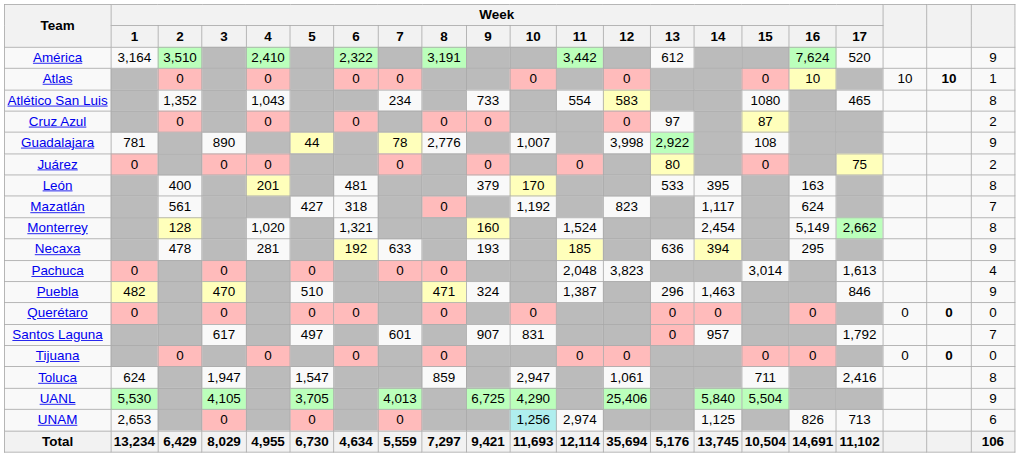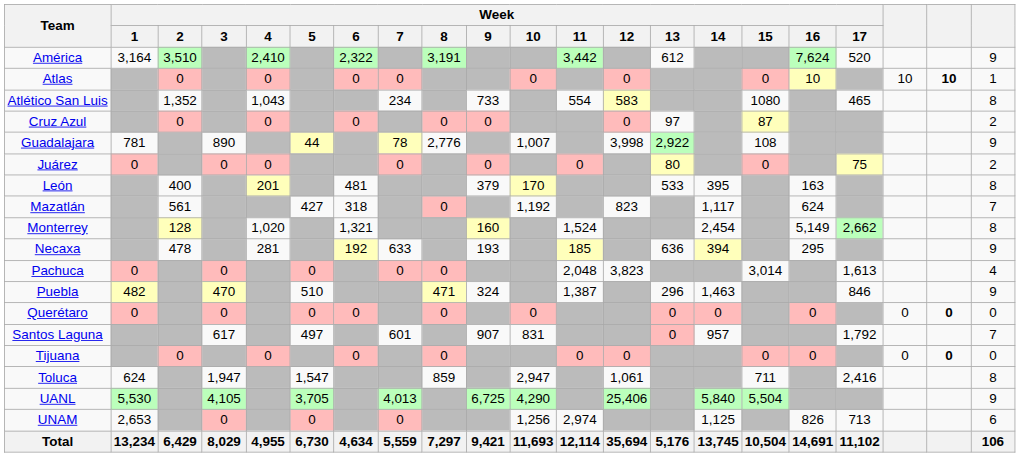 <table class="wikitable" style="text-align:center">
 <tr>
 <th colspan=1 rowspan="2">Team</th>
 <th colspan=17>Week</th>
 <th colspan=1 rowspan="2" width=45></th>
 <th colspan=1 rowspan="2" width=45></th>
 <th colspan=1 rowspan="2" width=45></th>
 </tr>
 <tr>
 <th width=45>1</th>
 <th width=45>2</th>
 <th width=45>3</th>
 <th width=45>4</th>
 <th width=45>5</th>
 <th width=45>6</th>
 <th width=45>7</th>
 <th width=45>8</th>
 <th width=45>9</th>
 <th width=45>10</th>
 <th width=45>11</th>
 <th width=45>12</th>
 <th width=45>13</th>
 <th width=45>14</th>
 <th width=45>15</th>
 <th width=45>16</th>
 <th width=45>17</th>
 </tr>
 <tr>
 <td><a href='#'>América</a></td>
 <td>3,164</td>
 <td bgcolor=#BBFFBB>3,510</td>
 <td bgcolor=#BBBBBB></td>
 <td bgcolor=#BBFFBB>2,410</td>
 <td bgcolor=#BBBBBB></td>
 <td bgcolor=#BBFFBB>2,322</td>
 <td bgcolor=#BBBBBB></td>
 <td bgcolor=#BBFFBB>3,191</td>
 <td bgcolor=#BBBBBB></td>
 <td bgcolor=#BBBBBB></td>
 <td bgcolor=#BBFFBB>3,442</td>
 <td bgcolor=#BBBBBB></td>
 <td>612</td>
 <td bgcolor=#BBBBBB></td>
 <td bgcolor=#BBBBBB></td>
 <td bgcolor=#BBFFBB>7,624</td>
 <td>520</td>
 <td></td>
 <td><strong></strong></td>
 <td>9</td>
 </tr>
 <tr>
 <td><a href='#'>Atlas</a></td>
 <td bgcolor=#BBBBBB></td>
 <td bgcolor=#FFBBBB>0</td>
 <td bgcolor=#BBBBBB></td>
 <td bgcolor=#FFBBBB>0</td>
 <td bgcolor=#BBBBBB></td>
 <td bgcolor=#FFBBBB>0</td>
 <td bgcolor=#FFBBBB>0</td>
 <td bgcolor=#BBBBBB></td>
 <td bgcolor=#BBBBBB></td>
 <td bgcolor=#FFBBBB>0</td>
 <td bgcolor=#BBBBBB></td>
 <td bgcolor=#FFBBBB>0</td>
 <td bgcolor=#BBBBBB></td>
 <td bgcolor=#BBBBBB></td>
 <td bgcolor=#FFBBBB>0</td>
 <td bgcolor=#FFFFBB>10</td>
 <td bgcolor=#BBBBBB></td>
 <td>10</td>
 <td><strong>10</strong></td>
 <td>1</td>
 </tr>
 <tr>
 <td><a href='#'>Atlético San Luis</a></td>
 <td bgcolor=#BBBBBB></td>
 <td>1,352</td>
 <td bgcolor=#BBBBBB></td>
 <td>1,043</td>
 <td bgcolor=#BBBBBB></td>
 <td bgcolor=#BBBBBB></td>
 <td>234</td>
 <td bgcolor=#BBBBBB></td>
 <td>733</td>
 <td bgcolor=#BBBBBB></td>
 <td>554</td>
 <td bgcolor=#FFFFBB>583</td>
 <td bgcolor=#BBBBBB></td>
 <td bgcolor=#BBBBBB></td>
 <td>1080</td>
 <td bgcolor=#BBBBBB></td>
 <td>465</td>
 <td></td>
 <td><strong></strong></td>
 <td>8</td>
 </tr>
 <tr>
 <td><a href='#'>Cruz Azul</a></td>
 <td bgcolor=#BBBBBB></td>
 <td bgcolor=#FFBBBB>0</td>
 <td bgcolor=#BBBBBB></td>
 <td bgcolor=#FFBBBB>0</td>
 <td bgcolor=#BBBBBB></td>
 <td bgcolor=#FFBBBB>0</td>
 <td bgcolor=#BBBBBB></td>
 <td bgcolor=#FFBBBB>0</td>
 <td bgcolor=#FFBBBB>0</td>
 <td bgcolor=#BBBBBB></td>
 <td bgcolor=#BBBBBB></td>
 <td bgcolor=#FFBBBB>0</td>
 <td>97</td>
 <td bgcolor=#BBBBBB></td>
 <td bgcolor=#FFFFBB>87</td>
 <td bgcolor=#BBBBBB></td>
 <td bgcolor=#BBBBBB></td>
 <td></td>
 <td><strong></strong></td>
 <td>2</td>
 </tr>
 <tr>
 <td><a href='#'>Guadalajara</a></td>
 <td>781</td>
 <td bgcolor=#BBBBBB></td>
 <td>890</td>
 <td bgcolor=#BBBBBB></td>
 <td bgcolor=#FFFFBB>44</td>
 <td bgcolor=#BBBBBB></td>
 <td bgcolor=#FFFFBB>78</td>
 <td>2,776</td>
 <td bgcolor=#BBBBBB></td>
 <td>1,007</td>
 <td bgcolor=#BBBBBB></td>
 <td>3,998</td>
 <td bgcolor=#BBFFBB>2,922</td>
 <td bgcolor=#BBBBBB></td>
 <td>108</td>
 <td bgcolor=#BBBBBB></td>
 <td bgcolor=#BBBBBB></td>
 <td></td>
 <td><strong></strong></td>
 <td>9</td>
 </tr>
 <tr>
 <td><a href='#'>Juárez</a></td>
 <td bgcolor=#FFBBBB>0</td>
 <td bgcolor=#BBBBBB></td>
 <td bgcolor=#FFBBBB>0</td>
 <td bgcolor=#FFBBBB>0</td>
 <td bgcolor=#BBBBBB></td>
 <td bgcolor=#BBBBBB></td>
 <td bgcolor=#FFBBBB>0</td>
 <td bgcolor=#BBBBBB></td>
 <td bgcolor=#FFBBBB>0</td>
 <td bgcolor=#BBBBBB></td>
 <td bgcolor=#FFBBBB>0</td>
 <td bgcolor=#BBBBBB></td>
 <td bgcolor=#FFFFBB>80</td>
 <td bgcolor=#BBBBBB></td>
 <td bgcolor=#FFBBBB>0</td>
 <td bgcolor=#BBBBBB></td>
 <td bgcolor=#FFFFBB>75</td>
 <td></td>
 <td><strong></strong></td>
 <td>2</td>
 </tr>
 <tr>
 <td><a href='#'>León</a></td>
 <td bgcolor=#BBBBBB></td>
 <td>400</td>
 <td bgcolor=#BBBBBB></td>
 <td bgcolor=#FFFFBB>201</td>
 <td bgcolor=#BBBBBB></td>
 <td>481</td>
 <td bgcolor=#BBBBBB></td>
 <td bgcolor=#BBBBBB></td>
 <td>379</td>
 <td bgcolor=#FFFFBB>170</td>
 <td bgcolor=#BBBBBB></td>
 <td bgcolor=#BBBBBB></td>
 <td>533</td>
 <td>395</td>
 <td bgcolor=#BBBBBB></td>
 <td>163</td>
 <td bgcolor=#BBBBBB></td>
 <td></td>
 <td><strong></strong></td>
 <td>8</td>
 </tr>
 <tr>
 <td><a href='#'>Mazatlán</a></td>
 <td bgcolor=#BBBBBB></td>
 <td>561</td>
 <td bgcolor=#BBBBBB></td>
 <td bgcolor=#BBBBBB></td>
 <td>427</td>
 <td>318</td>
 <td bgcolor=#BBBBBB></td>
 <td bgcolor=#FFBBBB>0</td>
 <td bgcolor=#BBBBBB></td>
 <td>1,192</td>
 <td bgcolor=#BBBBBB></td>
 <td>823</td>
 <td bgcolor=#BBBBBB></td>
 <td>1,117</td>
 <td bgcolor=#BBBBBB></td>
 <td>624</td>
 <td bgcolor=#BBBBBB></td>
 <td></td>
 <td><strong></strong></td>
 <td>7</td>
 </tr>
 <tr>
 <td><a href='#'>Monterrey</a></td>
 <td bgcolor=#BBBBBB></td>
 <td bgcolor=#FFFFBB>128</td>
 <td bgcolor=#BBBBBB></td>
 <td>1,020</td>
 <td bgcolor=#BBBBBB></td>
 <td>1,321</td>
 <td bgcolor=#BBBBBB></td>
 <td bgcolor=#BBBBBB></td>
 <td bgcolor=#FFFFBB>160</td>
 <td bgcolor=#BBBBBB></td>
 <td>1,524</td>
 <td bgcolor=#BBBBBB></td>
 <td bgcolor=#BBBBBB></td>
 <td>2,454</td>
 <td bgcolor=#BBBBBB></td>
 <td>5,149</td>
 <td bgcolor=#BBFFBB>2,662</td>
 <td></td>
 <td><strong></strong></td>
 <td>8</td>
 </tr>
 <tr>
 <td><a href='#'>Necaxa</a></td>
 <td bgcolor=#BBBBBB></td>
 <td>478</td>
 <td bgcolor=#BBBBBB></td>
 <td>281</td>
 <td bgcolor=#BBBBBB></td>
 <td bgcolor=#FFFFBB>192</td>
 <td>633</td>
 <td bgcolor=#BBBBBB></td>
 <td>193</td>
 <td bgcolor=#BBBBBB></td>
 <td bgcolor=#FFFFBB>185</td>
 <td bgcolor=#BBBBBB></td>
 <td>636</td>
 <td bgcolor=#FFFFBB>394</td>
 <td bgcolor=#BBBBBB></td>
 <td>295</td>
 <td bgcolor=#BBBBBB></td>
 <td></td>
 <td><strong></strong></td>
 <td>9</td>
 </tr>
 <tr>
 <td><a href='#'>Pachuca</a></td>
 <td bgcolor=#FFBBBB>0</td>
 <td bgcolor=#BBBBBB></td>
 <td bgcolor=#FFBBBB>0</td>
 <td bgcolor=#BBBBBB></td>
 <td bgcolor=#FFBBBB>0</td>
 <td bgcolor=#BBBBBB></td>
 <td bgcolor=#FFBBBB>0</td>
 <td bgcolor=#FFBBBB>0</td>
 <td bgcolor=#BBBBBB></td>
 <td bgcolor=#BBBBBB></td>
 <td>2,048</td>
 <td>3,823</td>
 <td bgcolor=#BBBBBB></td>
 <td bgcolor=#BBBBBB></td>
 <td>3,014</td>
 <td bgcolor=#BBBBBB></td>
 <td>1,613</td>
 <td></td>
 <td><strong> </strong></td>
 <td>4</td>
 </tr>
 <tr>
 <td><a href='#'>Puebla</a></td>
 <td bgcolor=#FFFFBB>482</td>
 <td bgcolor=#BBBBBB></td>
 <td bgcolor=#FFFFBB>470</td>
 <td bgcolor=#BBBBBB></td>
 <td>510</td>
 <td bgcolor=#BBBBBB></td>
 <td bgcolor=#BBBBBB></td>
 <td bgcolor=#FFFFBB>471</td>
 <td>324</td>
 <td bgcolor=#BBBBBB></td>
 <td>1,387</td>
 <td bgcolor=#BBBBBB></td>
 <td>296</td>
 <td>1,463</td>
 <td bgcolor=#BBBBBB></td>
 <td bgcolor=#BBBBBB></td>
 <td>846</td>
 <td></td>
 <td><strong></strong></td>
 <td>9</td>
 </tr>
 <tr>
 <td><a href='#'>Querétaro</a></td>
 <td bgcolor=#FFBBBB>0</td>
 <td bgcolor=#BBBBBB></td>
 <td bgcolor=#FFBBBB>0</td>
 <td bgcolor=#BBBBBB></td>
 <td bgcolor=#FFBBBB>0</td>
 <td bgcolor=#FFBBBB>0</td>
 <td bgcolor=#BBBBBB></td>
 <td bgcolor=#FFBBBB>0</td>
 <td bgcolor=#BBBBBB></td>
 <td bgcolor=#FFBBBB>0</td>
 <td bgcolor=#BBBBBB></td>
 <td bgcolor=#BBBBBB></td>
 <td bgcolor=#FFBBBB>0</td>
 <td bgcolor=#FFBBBB>0</td>
 <td bgcolor=#BBBBBB></td>
 <td bgcolor=#FFBBBB>0</td>
 <td bgcolor=#BBBBBB></td>
 <td>0</td>
 <td><strong>0</strong></td>
 <td>0</td>
 </tr>
 <tr>
 <td><a href='#'>Santos Laguna</a></td>
 <td bgcolor=#BBBBBB></td>
 <td bgcolor=#BBBBBB></td>
 <td>617</td>
 <td bgcolor=#BBBBBB></td>
 <td>497</td>
 <td bgcolor=#BBBBBB></td>
 <td>601</td>
 <td bgcolor=#BBBBBB></td>
 <td>907</td>
 <td>831</td>
 <td bgcolor=#BBBBBB></td>
 <td bgcolor=#BBBBBB></td>
 <td bgcolor=#FFBBBB>0</td>
 <td>957</td>
 <td bgcolor=#BBBBBB></td>
 <td bgcolor=#BBBBBB></td>
 <td>1,792</td>
 <td></td>
 <td><strong></strong></td>
 <td>7</td>
 </tr>
 <tr>
 <td><a href='#'>Tijuana</a></td>
 <td bgcolor=#BBBBBB></td>
 <td bgcolor=#FFBBBB>0</td>
 <td bgcolor=#BBBBBB></td>
 <td bgcolor=#FFBBBB>0</td>
 <td bgcolor=#BBBBBB></td>
 <td bgcolor=#FFBBBB>0</td>
 <td bgcolor=#BBBBBB></td>
 <td bgcolor=#FFBBBB>0</td>
 <td bgcolor=#BBBBBB></td>
 <td bgcolor=#BBBBBB></td>
 <td bgcolor=#FFBBBB>0</td>
 <td bgcolor=#FFBBBB>0</td>
 <td bgcolor=#BBBBBB></td>
 <td bgcolor=#BBBBBB></td>
 <td bgcolor=#FFBBBB>0</td>
 <td bgcolor=#FFBBBB>0</td>
 <td bgcolor=#BBBBBB></td>
 <td>0</td>
 <td><strong>0</strong></td>
 <td>0</td>
 </tr>
 <tr>
 <td><a href='#'>Toluca</a></td>
 <td>624</td>
 <td bgcolor=#BBBBBB></td>
 <td>1,947</td>
 <td bgcolor=#BBBBBB></td>
 <td>1,547</td>
 <td bgcolor=#BBBBBB></td>
 <td bgcolor=#BBBBBB></td>
 <td>859</td>
 <td bgcolor=#BBBBBB></td>
 <td>2,947</td>
 <td bgcolor=#BBBBBB></td>
 <td>1,061</td>
 <td bgcolor=#BBBBBB></td>
 <td bgcolor=#BBBBBB></td>
 <td>711</td>
 <td bgcolor=#BBBBBB></td>
 <td>2,416</td>
 <td></td>
 <td><strong></strong></td>
 <td>8</td>
 </tr>
 <tr>
 <td><a href='#'>UANL</a></td>
 <td bgcolor=#BBFFBB>5,530</td>
 <td bgcolor=#BBBBBB></td>
 <td bgcolor=#BBFFBB>4,105</td>
 <td bgcolor=#BBBBBB></td>
 <td bgcolor=#BBFFBB>3,705</td>
 <td bgcolor=#BBBBBB></td>
 <td bgcolor=#BBFFBB>4,013</td>
 <td bgcolor=#BBBBBB></td>
 <td bgcolor=#BBFFBB>6,725</td>
 <td bgcolor=#BBFFBB>4,290</td>
 <td bgcolor=#BBBBBB></td>
 <td bgcolor=#BBFFBB>25,406</td>
 <td bgcolor=#BBBBBB></td>
 <td bgcolor=#BBFFBB>5,840</td>
 <td bgcolor=#BBFFBB>5,504</td>
 <td bgcolor=#BBBBBB></td>
 <td bgcolor=#BBBBBB></td>
 <td></td>
 <td><strong></strong></td>
 <td>9</td>
 </tr>
 <tr>
 <td><a href='#'>UNAM</a></td>
 <td>2,653</td>
 <td bgcolor=#BBBBBB></td>
 <td bgcolor=#FFBBBB>0</td>
 <td bgcolor=#BBBBBB></td>
 <td bgcolor=#FFBBBB>0</td>
 <td bgcolor=#BBBBBB></td>
 <td bgcolor=#FFBBBB>0</td>
 <td bgcolor=#BBBBBB></td>
 <td bgcolor=#BBBBBB></td>
-<td style="background: paleturquoise;">1,256</td>
+<td>1,256</td>
 <td>2,974</td>
 <td bgcolor=#BBBBBB></td>
 <td bgcolor=#BBBBBB></td>
 <td>1,125</td>
 <td bgcolor=#BBBBBB></td>
 <td>826</td>
 <td>713</td>
 <td></td>
 <td><strong></strong></td>
 <td>6</td>
 </tr>
 <tr>
 <th align=center>Total</th>
 <th>13,234</th>
 <th>6,429</th>
 <th>8,029</th>
 <th>4,955</th>
 <th>6,730</th>
 <th>4,634</th>
 <th>5,559</th>
 <th>7,297</th>
 <th>9,421</th>
 <th>11,693</th>
 <th>12,114</th>
 <th>35,694</th>
 <th>5,176</th>
 <th>13,745</th>
 <th>10,504</th>
 <th>14,691</th>
 <th>11,102</th>
 <th></th>
 <th><strong></strong></th>
 <th>106</th>
 </tr>
 </table>
